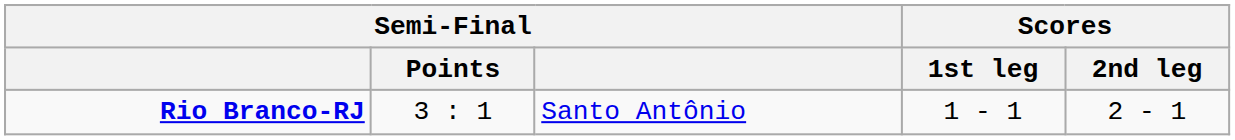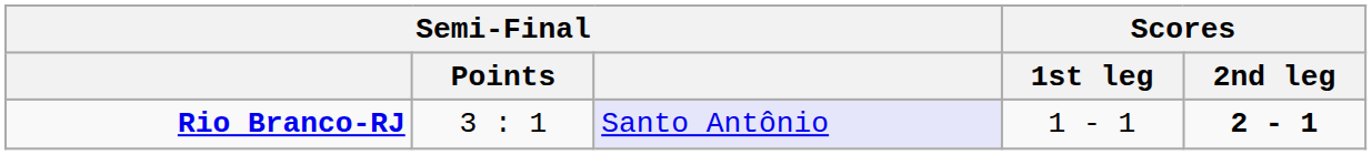 <table class="wikitable" style="text-align:center;">
 <tr>
 <th colspan=3>Semi-Final</th>
 <th colspan=3>Scores</th>
 </tr>
 <tr>
 <th width="175"></th>
 <th width="75">Points</th>
 <th width="175"></th>
 <th width="75">1st leg</th>
 <th width="75">2nd leg</th>
 </tr>
 <tr>
 <td align=right><strong><a href='#'>Rio Branco-RJ</a></strong></td>
 <td>3 : 1</td>
-<td align=left><a href='#'>Santo Antônio</a></td>
+<td align=left style="background: lavender;"><a href='#'>Santo Antônio</a></td>
 <td>1 - 1</td>
-<td>2 - 1</td>
+<td><strong>2 - 1</strong></td>
 </tr>
 </table>
